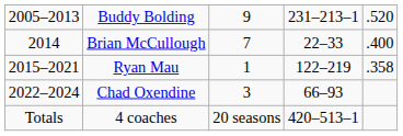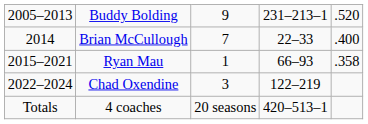 <table class="wikitable" style="text-align:center">
 <tr>
 <td>2005–2013</td>
 <td><a href='#'>Buddy Bolding</a></td>
 <td>9</td>
 <td>231–213–1</td>
 <td>.520</td>
 </tr>
 <tr>
 <td>2014</td>
 <td><a href='#'>Brian McCullough</a></td>
 <td>7</td>
 <td>22–33</td>
 <td>.400</td>
 </tr>
 <tr>
 <td>2015–2021</td>
 <td><a href='#'>Ryan Mau</a></td>
 <td>1</td>
-<td>122–219</td>
+<td>66–93</td>
 <td>.358</td>
 </tr>
 <tr>
 <td>2022–2024</td>
 <td><a href='#'>Chad Oxendine</a></td>
 <td>3</td>
-<td>66–93</td>
+<td>122–219</td>
 <td></td>
 </tr>
 <tr class="sortbottom">
 <td>Totals</td>
 <td>4 coaches</td>
 <td>20 seasons</td>
 <td>420–513–1</td>
 <td></td>
 </tr>
 </table>
